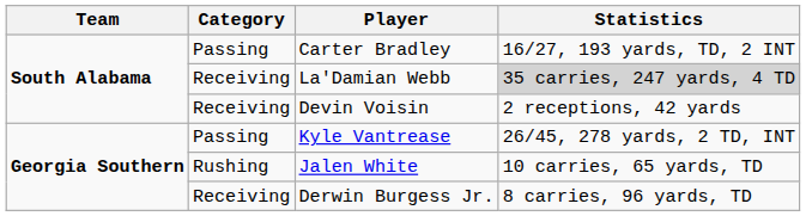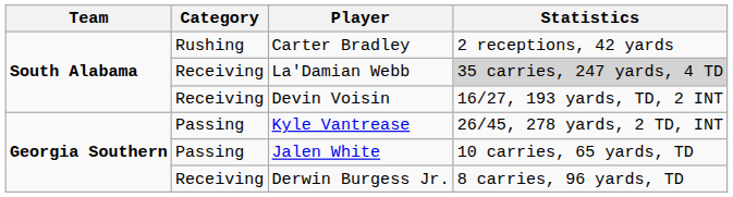 <table class="wikitable" style="float: right;">
 <tr>
 <th>Team</th>
 <th>Category</th>
 <th>Player</th>
 <th>Statistics</th>
 </tr>
 <tr>
 <td rowspan=3><strong>South Alabama</strong></td>
-<td>Passing</td>
+<td>Rushing</td>
 <td>Carter Bradley</td>
-<td>16/27, 193 yards, TD, 2 INT</td>
+<td>2 receptions, 42 yards</td>
 </tr>
 <tr>
 <td>Receiving</td>
 <td>La'Damian Webb</td>
 <td style="background: lightgrey;">35 carries, 247 yards, 4 TD</td>
 </tr>
 <tr>
 <td>Receiving</td>
 <td>Devin Voisin</td>
-<td>2 receptions, 42 yards</td>
+<td>16/27, 193 yards, TD, 2 INT</td>
 </tr>
 <tr>
 <td rowspan=3><strong>Georgia Southern</strong></td>
 <td>Passing</td>
 <td><a href='#'>Kyle Vantrease</a></td>
 <td>26/45, 278 yards, 2 TD, INT</td>
 </tr>
 <tr>
-<td>Rushing</td>
+<td>Passing</td>
 <td><a href='#'>Jalen White</a></td>
 <td>10 carries, 65 yards, TD</td>
 </tr>
 <tr>
 <td>Receiving</td>
 <td>Derwin Burgess Jr.</td>
 <td>8 carries, 96 yards, TD</td>
 </tr>
 </table>
